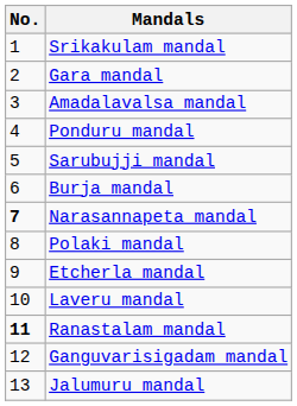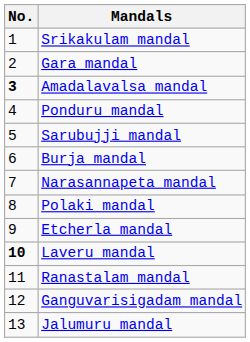 <table class="wikitable">
 <tr>
 <th>No.</th>
 <th>Mandals</th>
 </tr>
 <tr>
 <td>1</td>
 <td><a href='#'>Srikakulam mandal</a></td>
 </tr>
 <tr>
 <td>2</td>
 <td><a href='#'>Gara mandal</a></td>
 </tr>
 <tr>
-<td>3</td>
+<td><strong>3</strong></td>
 <td><a href='#'>Amadalavalsa mandal</a></td>
 </tr>
 <tr>
 <td>4</td>
 <td><a href='#'>Ponduru mandal</a></td>
 </tr>
 <tr>
 <td>5</td>
 <td><a href='#'>Sarubujji mandal</a></td>
 </tr>
 <tr>
 <td>6</td>
 <td><a href='#'>Burja mandal</a></td>
 </tr>
 <tr>
-<td><strong>7</strong></td>
+<td>7</td>
 <td><a href='#'>Narasannapeta mandal</a></td>
 </tr>
 <tr>
 <td>8</td>
 <td><a href='#'>Polaki mandal</a></td>
 </tr>
 <tr>
 <td>9</td>
 <td><a href='#'>Etcherla mandal</a></td>
 </tr>
 <tr>
-<td>10</td>
+<td><strong>10</strong></td>
 <td><a href='#'>Laveru mandal</a></td>
 </tr>
 <tr>
-<td><strong>11</strong></td>
+<td>11</td>
 <td><a href='#'>Ranastalam mandal</a></td>
 </tr>
 <tr>
 <td>12</td>
 <td><a href='#'>Ganguvarisigadam mandal</a></td>
 </tr>
 <tr>
 <td>13</td>
 <td><a href='#'>Jalumuru mandal</a></td>
 </tr>
 </table>
